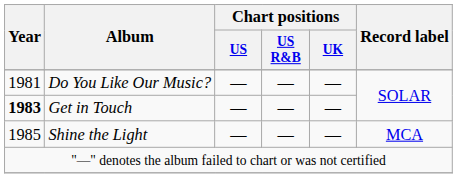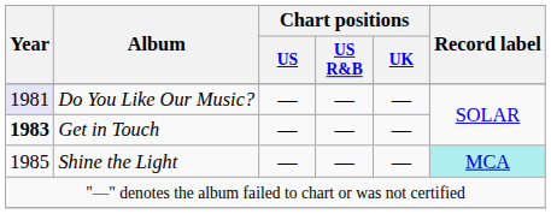 <table class="wikitable" style="text-align:center;">
 <tr>
 <th rowspan="2">Year</th>
 <th rowspan="2">Album</th>
 <th colspan="3">Chart positions</th>
 <th rowspan="2">Record label</th>
 </tr>
 <tr style="font-size:smaller;">
 <th width="40"><a href='#'>US</a></th>
 <th width="40"><a href='#'>US<br>R&B</a></th>
 <th width="40"><a href='#'>UK</a></th>
 </tr>
 <tr>
 </tr>
 <tr>
-<td>1981</td>
+<td style="background: lavender;">1981</td>
 <td align="left"><em>Do You Like Our Music?</em></td>
 <td>—</td>
 <td>—</td>
 <td>—</td>
 <td rowspan="2"><a href='#'>SOLAR</a></td>
 </tr>
 <tr>
 <td><strong>1983</strong></td>
 <td align="left"><em>Get in Touch</em></td>
 <td>—</td>
 <td>—</td>
 <td>—</td>
 </tr>
 <tr>
 <td>1985</td>
 <td align="left"><em>Shine the Light</em></td>
 <td>—</td>
 <td>—</td>
 <td>—</td>
-<td><a href='#'>MCA</a></td>
+<td style="background: paleturquoise;"><a href='#'>MCA</a></td>
 </tr>
 <tr>
 <td align="center" colspan="7"><small>"—" denotes the album failed to chart or was not certified</small></td>
 </tr>
 <tr>
 </tr>
 </table>
